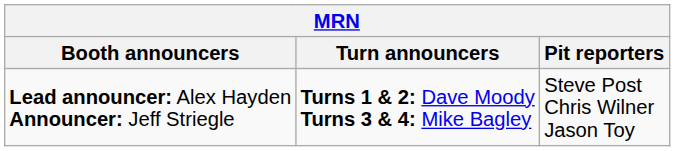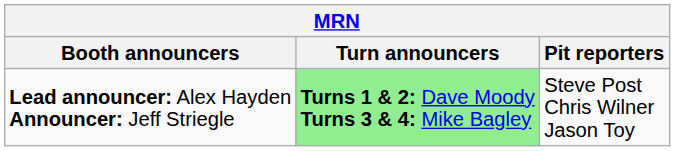 <table class="wikitable" style="font-size: 95%;">
 <tr>
 <th colspan="3"><a href='#'>MRN</a></th>
 </tr>
 <tr>
 <th>Booth announcers</th>
 <th>Turn announcers</th>
 <th>Pit reporters</th>
 </tr>
 <tr>
 <td><strong>Lead announcer:</strong> Alex Hayden<br><strong>Announcer:</strong> Jeff Striegle</td>
-<td><strong>Turns 1 & 2: </strong><a href='#'>Dave Moody</a><br><strong>Turns 3 & 4: </strong><a href='#'>Mike Bagley</a></td>
+<td style="background: lightgreen;"><strong>Turns 1 & 2: </strong><a href='#'>Dave Moody</a><br><strong>Turns 3 & 4: </strong><a href='#'>Mike Bagley</a></td>
 <td>Steve Post<br>Chris Wilner<br>Jason Toy</td>
 </tr>
 </table>
